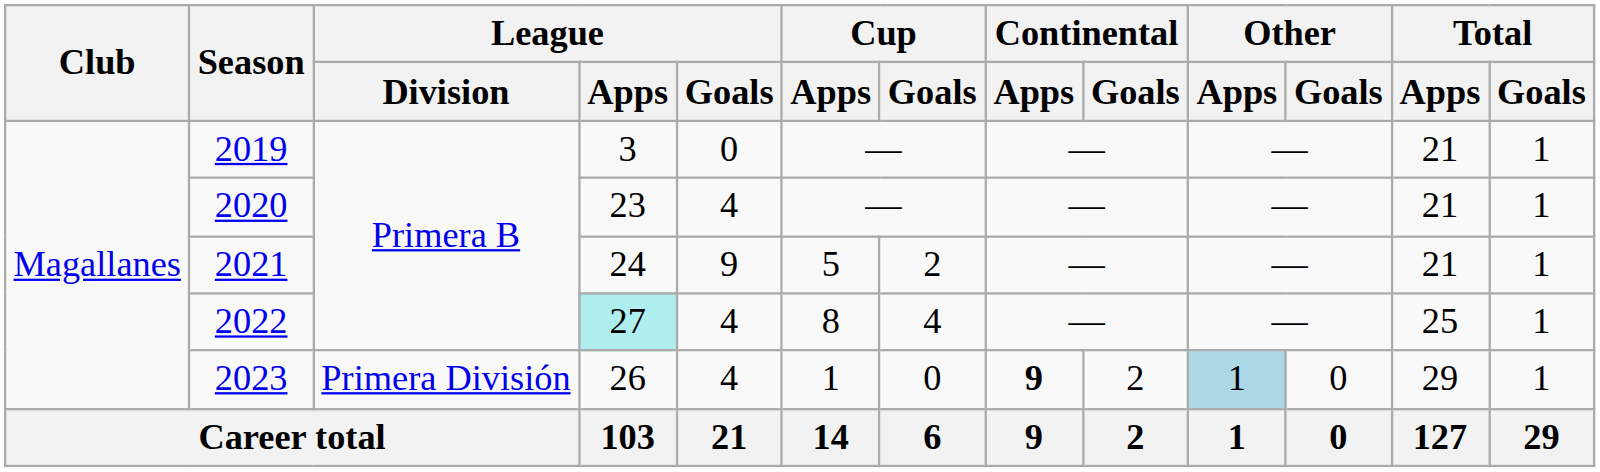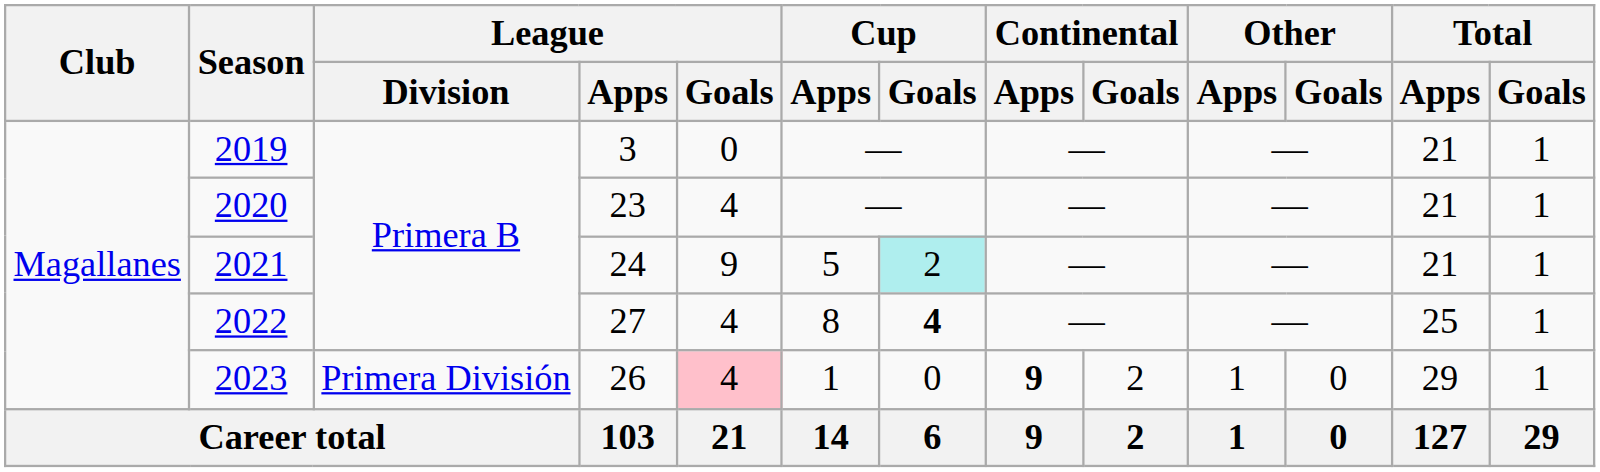 <table class="wikitable" Style="text-align: center">
 <tr>
 <th rowspan="2">Club</th>
 <th rowspan="2">Season</th>
 <th colspan="3">League</th>
 <th colspan="2">Cup</th>
 <th colspan="2">Continental</th>
 <th colspan="2">Other</th>
 <th colspan="2">Total</th>
 </tr>
 <tr>
 <th>Division</th>
 <th>Apps</th>
 <th>Goals</th>
 <th>Apps</th>
 <th>Goals</th>
 <th>Apps</th>
 <th>Goals</th>
 <th>Apps</th>
 <th>Goals</th>
 <th>Apps</th>
 <th>Goals</th>
 </tr>
 <tr>
 <td rowspan="5"><a href='#'>Magallanes</a></td>
 <td><a href='#'>2019</a></td>
 <td rowspan="4"><a href='#'>Primera B</a></td>
 <td>3</td>
 <td>0</td>
 <td colspan="2">—</td>
 <td colspan="2">—</td>
 <td colspan="2">—</td>
 <td>21</td>
 <td>1</td>
 </tr>
 <tr>
 <td><a href='#'>2020</a></td>
 <td>23</td>
 <td>4</td>
 <td colspan="2">—</td>
 <td colspan="2">—</td>
 <td colspan="2">—</td>
 <td>21</td>
 <td>1</td>
 </tr>
 <tr>
 <td><a href='#'>2021</a></td>
 <td>24</td>
 <td>9</td>
 <td>5</td>
-<td>2</td>
+<td style="background: paleturquoise;">2</td>
 <td colspan="2">—</td>
 <td colspan="2">—</td>
 <td>21</td>
 <td>1</td>
 </tr>
 <tr>
 <td><a href='#'>2022</a></td>
-<td style="background: paleturquoise;">27</td>
+<td>27</td>
 <td>4</td>
 <td>8</td>
-<td>4</td>
+<td><strong>4</strong></td>
 <td colspan="2">—</td>
 <td colspan="2">—</td>
 <td>25</td>
 <td>1</td>
 </tr>
 <tr>
 <td><a href='#'>2023</a></td>
 <td><a href='#'>Primera División</a></td>
 <td>26</td>
-<td>4</td>
+<td style="background: pink;">4</td>
 <td>1</td>
 <td>0</td>
 <td><strong>9</strong></td>
 <td>2</td>
-<td style="background: lightblue;">1</td>
+<td>1</td>
 <td>0</td>
 <td>29</td>
 <td>1</td>
 </tr>
 <tr>
 <th colspan="3">Career total</th>
 <th>103</th>
 <th>21</th>
 <th>14</th>
 <th>6</th>
 <th>9</th>
 <th>2</th>
 <th>1</th>
 <th>0</th>
 <th>127</th>
 <th>29</th>
 </tr>
 </table>
